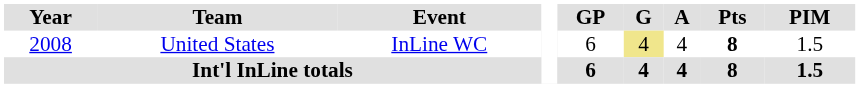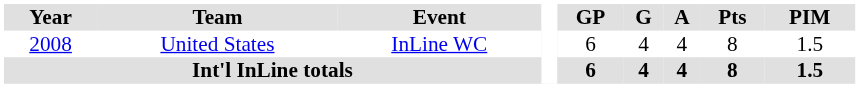 <table border="0" cellpadding="1" cellspacing="0" style="text-align:center; width:40em">
 <tr ALIGN="center" bgcolor="#e0e0e0">
 <th>Year</th>
 <th>Team</th>
 <th>Event</th>
 <th rowspan="99" bgcolor="#ffffff"> </th>
 <th>GP</th>
 <th>G</th>
 <th>A</th>
 <th>Pts</th>
 <th>PIM</th>
 </tr>
 <tr>
 <td><a href='#'>2008</a></td>
 <td><a href='#'>United States</a></td>
 <td><a href='#'>InLine WC</a></td>
 <td>6</td>
-<td style="background: khaki;">4</td>
 <td>4</td>
-<td><strong>8</strong></td>
+<td>4</td>
+<td>8</td>
 <td>1.5</td>
 </tr>
 <tr style="background:#e0e0e0;">
 <th colspan="3">Int'l InLine totals</th>
 <th>6</th>
 <th>4</th>
 <th>4</th>
 <th>8</th>
 <th>1.5</th>
 </tr>
 </table>
